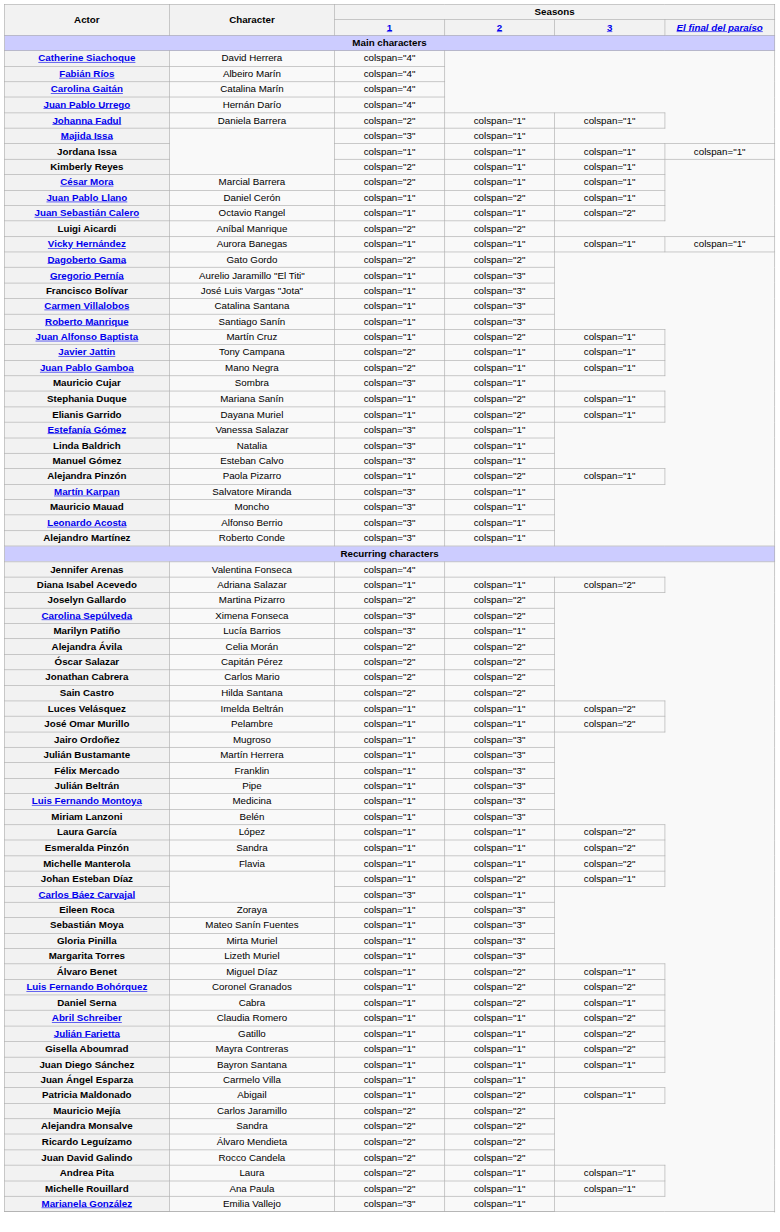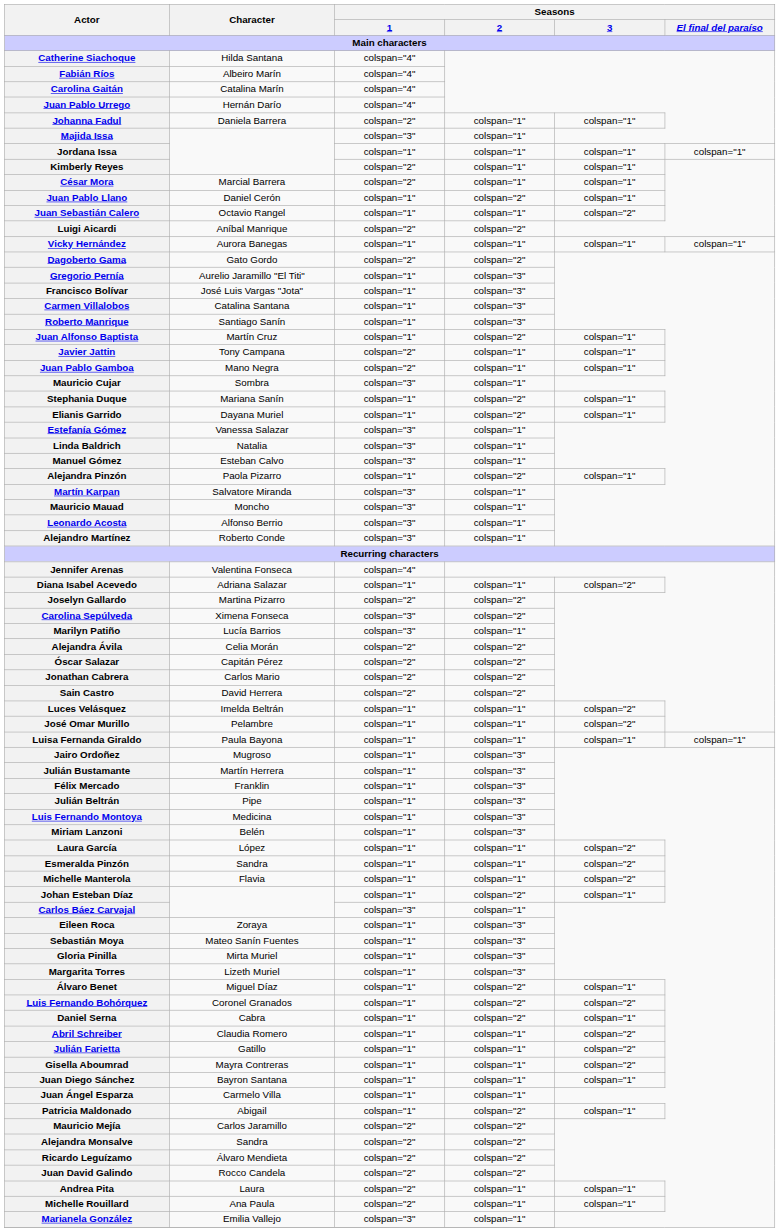 <table class="wikitable plainrowheaders" style="width: 100%; text-align: center">
 <tr>
 <th scope="col" rowspan="2" style="width: 15%">Actor</th>
 <th scope="col" rowspan="2" style="width: 15%">Character</th>
 <th scope="col" colspan="4" style="width: 70%">Seasons</th>
 </tr>
 <tr>
 <th scope="col" style="width: 10%"><a href='#'>1</a></th>
 <th scope="col" style="width: 10%"><a href='#'>2</a></th>
 <th scope="col" style="width: 10%"><a href='#'>3</a></th>
 <th scope="col" style="width: 10%"><em><a href='#'>El final del paraíso</a></em></th>
 </tr>
 <tr>
 <th colspan="6" style="background-color:#ccccff;">Main characters</th>
 </tr>
 <tr>
 <th scope="row" style="text-align: center"><a href='#'>Catherine Siachoque</a></th>
-<td>David Herrera</td>
+<td>Hilda Santana</td>
 <td>colspan="4" </td>
 </tr>
 <tr>
 <th scope="row" style="text-align: center"><a href='#'>Fabián Ríos</a></th>
 <td>Albeiro Marín</td>
 <td>colspan="4" </td>
 </tr>
 <tr>
 <th scope="row" style="text-align: center"><a href='#'>Carolina Gaitán</a></th>
 <td>Catalina Marín</td>
 <td>colspan="4" </td>
 </tr>
 <tr>
 <th scope="row" style="text-align: center"><a href='#'>Juan Pablo Urrego</a></th>
 <td>Hernán Darío</td>
 <td>colspan="4" </td>
 </tr>
 <tr>
 <th scope="row" style="text-align: center"><a href='#'>Johanna Fadul</a></th>
 <td>Daniela Barrera</td>
 <td>colspan="2" </td>
 <td>colspan="1" </td>
 <td>colspan="1" </td>
 </tr>
 <tr>
 <th scope="row" style="text-align: center"><a href='#'>Majida Issa</a></th>
 <td rowspan="3"></td>
 <td>colspan="3" </td>
 <td>colspan="1" </td>
 </tr>
 <tr>
 <th scope="row" style="text-align: center">Jordana Issa</th>
 <td>colspan="1" </td>
 <td>colspan="1" </td>
 <td>colspan="1" </td>
 <td>colspan="1" </td>
 </tr>
 <tr>
 <th scope="row" style="text-align: center">Kimberly Reyes</th>
 <td>colspan="2" </td>
 <td>colspan="1" </td>
 <td>colspan="1" </td>
 </tr>
 <tr>
 <th scope="row" style="text-align: center"><a href='#'>César Mora</a></th>
 <td>Marcial Barrera</td>
 <td>colspan="2" </td>
 <td>colspan="1" </td>
 <td>colspan="1" </td>
 </tr>
 <tr>
 <th scope="row" style="text-align: center"><a href='#'>Juan Pablo Llano</a></th>
 <td>Daniel Cerón</td>
 <td>colspan="1" </td>
 <td>colspan="2" </td>
 <td>colspan="1" </td>
 </tr>
 <tr>
 <th scope="row" style="text-align: center"><a href='#'>Juan Sebastián Calero</a></th>
 <td>Octavio Rangel</td>
 <td>colspan="1" </td>
 <td>colspan="1" </td>
 <td>colspan="2" </td>
 </tr>
 <tr>
 <th scope="row" style="text-align: center">Luigi Aicardi</th>
 <td>Aníbal Manrique</td>
 <td>colspan="2" </td>
 <td>colspan="2" </td>
 </tr>
 <tr>
 <th scope="row" style="text-align: center"><a href='#'>Vicky Hernández</a></th>
 <td>Aurora Banegas</td>
 <td>colspan="1" </td>
 <td>colspan="1" </td>
 <td>colspan="1" </td>
 <td>colspan="1" </td>
 </tr>
 <tr>
 <th scope="row" style="text-align: center"><a href='#'>Dagoberto Gama</a></th>
 <td>Gato Gordo</td>
 <td>colspan="2" </td>
 <td>colspan="2" </td>
 </tr>
 <tr>
 <th scope="row" style="text-align: center"><a href='#'>Gregorio Pernía</a></th>
 <td>Aurelio Jaramillo "El Titi"</td>
 <td>colspan="1" </td>
 <td>colspan="3" </td>
 </tr>
 <tr>
 <th scope="row" style="text-align: center">Francisco Bolívar</th>
 <td>José Luis Vargas "Jota"</td>
 <td>colspan="1" </td>
 <td>colspan="3" </td>
 </tr>
 <tr>
 <th scope="row" style="text-align: center"><a href='#'>Carmen Villalobos</a></th>
 <td>Catalina Santana</td>
 <td>colspan="1" </td>
 <td>colspan="3" </td>
 </tr>
 <tr>
 <th scope="row" style="text-align: center"><a href='#'>Roberto Manrique</a></th>
 <td>Santiago Sanín</td>
 <td>colspan="1" </td>
 <td>colspan="3" </td>
 </tr>
 <tr>
 <th scope="row" style="text-align: center"><a href='#'>Juan Alfonso Baptista</a></th>
 <td>Martín Cruz</td>
 <td>colspan="1" </td>
 <td>colspan="2" </td>
 <td>colspan="1" </td>
 </tr>
 <tr>
 <th scope="row" style="text-align: center"><a href='#'>Javier Jattin</a></th>
 <td>Tony Campana</td>
 <td>colspan="2" </td>
 <td>colspan="1" </td>
 <td>colspan="1" </td>
 </tr>
 <tr>
 <th scope="row" style="text-align: center"><a href='#'>Juan Pablo Gamboa</a></th>
 <td>Mano Negra</td>
 <td>colspan="2" </td>
 <td>colspan="1" </td>
 <td>colspan="1" </td>
 </tr>
 <tr>
 <th scope="row" style="text-align: center">Mauricio Cujar</th>
 <td>Sombra</td>
 <td>colspan="3" </td>
 <td>colspan="1" </td>
 </tr>
 <tr>
 <th scope="row" style="text-align: center">Stephania Duque</th>
 <td>Mariana Sanín</td>
 <td>colspan="1" </td>
 <td>colspan="2" </td>
 <td>colspan="1" </td>
 </tr>
 <tr>
 <th scope="row" style="text-align: center">Elianis Garrido</th>
 <td>Dayana Muriel</td>
 <td>colspan="1" </td>
 <td>colspan="2" </td>
 <td>colspan="1" </td>
 </tr>
 <tr>
 <th scope="row" style="text-align: center"><a href='#'>Estefanía Gómez</a></th>
 <td>Vanessa Salazar</td>
 <td>colspan="3" </td>
 <td>colspan="1" </td>
 </tr>
 <tr>
 <th scope="row" style="text-align: center">Linda Baldrich</th>
 <td>Natalia</td>
 <td>colspan="3" </td>
 <td>colspan="1" </td>
 </tr>
 <tr>
 <th scope="row" style="text-align: center">Manuel Gómez</th>
 <td>Esteban Calvo</td>
 <td>colspan="3" </td>
 <td>colspan="1" </td>
 </tr>
 <tr>
 <th scope="row" style="text-align: center">Alejandra Pinzón</th>
 <td>Paola Pizarro</td>
 <td>colspan="1" </td>
 <td>colspan="2" </td>
 <td>colspan="1" </td>
 </tr>
 <tr>
 <th scope="row" style="text-align: center"><a href='#'>Martín Karpan</a></th>
 <td>Salvatore Miranda</td>
 <td>colspan="3" </td>
 <td>colspan="1" </td>
 </tr>
 <tr>
 <th scope="row" style="text-align: center">Mauricio Mauad</th>
 <td>Moncho</td>
 <td>colspan="3" </td>
 <td>colspan="1" </td>
 </tr>
 <tr>
 <th scope="row" style="text-align: center"><a href='#'>Leonardo Acosta</a></th>
 <td>Alfonso Berrio</td>
 <td>colspan="3" </td>
 <td>colspan="1" </td>
 </tr>
 <tr>
 <th scope="row" style="text-align: center">Alejandro Martínez</th>
 <td>Roberto Conde</td>
 <td>colspan="3" </td>
 <td>colspan="1" </td>
 </tr>
 <tr>
 <th colspan="6" style="background-color:#ccccff;">Recurring characters</th>
 </tr>
 <tr>
 <th scope="row" style="text-align: center">Jennifer Arenas</th>
 <td>Valentina Fonseca</td>
 <td>colspan="4" </td>
 </tr>
 <tr>
 <th scope="row" style="text-align: center">Diana Isabel Acevedo</th>
 <td>Adriana Salazar</td>
 <td>colspan="1" </td>
 <td>colspan="1" </td>
 <td>colspan="2" </td>
 </tr>
 <tr>
 <th scope="row" style="text-align: center">Joselyn Gallardo</th>
 <td>Martina Pizarro</td>
 <td>colspan="2" </td>
 <td>colspan="2" </td>
 </tr>
 <tr>
 <th scope="row" style="text-align: center"><a href='#'>Carolina Sepúlveda</a></th>
 <td>Ximena Fonseca</td>
 <td>colspan="3" </td>
 <td>colspan="2" </td>
 </tr>
 <tr>
 <th scope="row" style="text-align: center">Marilyn Patiño</th>
 <td>Lucía Barrios</td>
 <td>colspan="3" </td>
 <td>colspan="1" </td>
 </tr>
 <tr>
 <th scope="row" style="text-align: center">Alejandra Ávila</th>
 <td>Celia Morán</td>
 <td>colspan="2" </td>
 <td>colspan="2" </td>
 </tr>
 <tr>
 <th scope="row" style="text-align: center">Óscar Salazar</th>
 <td>Capitán Pérez</td>
 <td>colspan="2" </td>
 <td>colspan="2" </td>
 </tr>
 <tr>
 <th scope="row" style="text-align: center">Jonathan Cabrera</th>
 <td>Carlos Mario</td>
 <td>colspan="2" </td>
 <td>colspan="2" </td>
 </tr>
 <tr>
 <th scope="row" style="text-align: center">Sain Castro</th>
-<td>Hilda Santana</td>
+<td>David Herrera</td>
 <td>colspan="2" </td>
 <td>colspan="2" </td>
 </tr>
 <tr>
 <th scope="row" style="text-align: center">Luces Velásquez</th>
 <td>Imelda Beltrán</td>
 <td>colspan="1" </td>
 <td>colspan="1" </td>
 <td>colspan="2" </td>
 </tr>
 <tr>
 <th scope="row" style="text-align: center">José Omar Murillo</th>
 <td>Pelambre</td>
 <td>colspan="1" </td>
 <td>colspan="1" </td>
 <td>colspan="2" </td>
+</tr>
+<tr>
+<th scope="row" style="text-align: center">Luisa Fernanda Giraldo</th>
+<td>Paula Bayona</td>
+<td>colspan="1" </td>
+<td>colspan="1" </td>
+<td>colspan="1" </td>
+<td>colspan="1" </td>
 </tr>
 <tr>
 <th scope="row" style="text-align: center">Jairo Ordoñez</th>
 <td>Mugroso</td>
 <td>colspan="1" </td>
 <td>colspan="3" </td>
 </tr>
 <tr>
 <th scope="row" style="text-align: center">Julián Bustamante</th>
 <td>Martín Herrera</td>
 <td>colspan="1" </td>
 <td>colspan="3" </td>
 </tr>
 <tr>
 <th scope="row" style="text-align: center">Félix Mercado</th>
 <td>Franklin</td>
 <td>colspan="1" </td>
 <td>colspan="3" </td>
 </tr>
 <tr>
 <th scope="row" style="text-align: center">Julián Beltrán</th>
 <td>Pipe</td>
 <td>colspan="1" </td>
 <td>colspan="3" </td>
 </tr>
 <tr>
 <th scope="row" style="text-align: center"><a href='#'>Luis Fernando Montoya</a></th>
 <td>Medicina</td>
 <td>colspan="1" </td>
 <td>colspan="3" </td>
 </tr>
 <tr>
 <th scope="row" style="text-align: center">Miriam Lanzoni</th>
 <td>Belén</td>
 <td>colspan="1" </td>
 <td>colspan="3" </td>
 </tr>
 <tr>
 <th scope="row" style="text-align: center">Laura García</th>
 <td>López</td>
 <td>colspan="1" </td>
 <td>colspan="1" </td>
 <td>colspan="2" </td>
 </tr>
 <tr>
 <th scope="row" style="text-align: center">Esmeralda Pinzón</th>
 <td>Sandra</td>
 <td>colspan="1" </td>
 <td>colspan="1" </td>
 <td>colspan="2" </td>
 </tr>
 <tr>
 <th scope="row" style="text-align: center">Michelle Manterola</th>
 <td>Flavia</td>
 <td>colspan="1" </td>
 <td>colspan="1" </td>
 <td>colspan="2" </td>
 </tr>
 <tr>
 <th scope="row" style="text-align: center">Johan Esteban Díaz</th>
 <td rowspan="2"></td>
 <td>colspan="1" </td>
 <td>colspan="2" </td>
 <td>colspan="1" </td>
 </tr>
 <tr>
 <th scope="row" style="text-align: center"><a href='#'>Carlos Báez Carvajal</a></th>
 <td>colspan="3" </td>
 <td>colspan="1" </td>
 </tr>
 <tr>
 <th scope="row" style="text-align: center">Eileen Roca</th>
 <td>Zoraya</td>
 <td>colspan="1" </td>
 <td>colspan="3" </td>
 </tr>
 <tr>
 <th scope="row" style="text-align: center">Sebastián Moya</th>
 <td>Mateo Sanín Fuentes</td>
 <td>colspan="1" </td>
 <td>colspan="3" </td>
 </tr>
 <tr>
 <th scope="row" style="text-align: center">Gloria Pinilla</th>
 <td>Mirta Muriel</td>
 <td>colspan="1" </td>
 <td>colspan="3" </td>
 </tr>
 <tr>
 <th scope="row" style="text-align: center">Margarita Torres</th>
 <td>Lizeth Muriel</td>
 <td>colspan="1" </td>
 <td>colspan="3" </td>
 </tr>
 <tr>
 <th scope="row" style="text-align: center">Álvaro Benet</th>
 <td>Miguel Díaz</td>
 <td>colspan="1" </td>
 <td>colspan="2" </td>
 <td>colspan="1" </td>
 </tr>
 <tr>
 <th scope="row" style="text-align: center"><a href='#'>Luis Fernando Bohórquez</a></th>
 <td>Coronel Granados</td>
 <td>colspan="1" </td>
 <td>colspan="2" </td>
 <td>colspan="2" </td>
 </tr>
 <tr>
 <th scope="row" style="text-align: center">Daniel Serna</th>
 <td>Cabra</td>
 <td>colspan="1" </td>
 <td>colspan="2" </td>
 <td>colspan="1" </td>
 </tr>
 <tr>
 <th scope="row" style="text-align: center"><a href='#'>Abril Schreiber</a></th>
 <td>Claudia Romero</td>
 <td>colspan="1" </td>
 <td>colspan="1" </td>
 <td>colspan="2" </td>
 </tr>
 <tr>
 <th scope="row" style="text-align: center"><a href='#'>Julián Farietta</a></th>
 <td>Gatillo</td>
 <td>colspan="1" </td>
 <td>colspan="1" </td>
 <td>colspan="2" </td>
 </tr>
 <tr>
 <th scope="row" style="text-align: center">Gisella Aboumrad</th>
 <td>Mayra Contreras</td>
 <td>colspan="1" </td>
 <td>colspan="1" </td>
 <td>colspan="2" </td>
 </tr>
 <tr>
 <th scope="row" style="text-align: center">Juan Diego Sánchez</th>
 <td>Bayron Santana</td>
 <td>colspan="1" </td>
 <td>colspan="1" </td>
 <td>colspan="1" </td>
 </tr>
 <tr>
 <th scope="row" style="text-align: center">Juan Ángel Esparza</th>
 <td>Carmelo Villa</td>
 <td>colspan="1" </td>
 <td>colspan="1" </td>
 </tr>
 <tr>
 <th scope="row" style="text-align: center">Patricia Maldonado</th>
 <td>Abigail</td>
 <td>colspan="1" </td>
 <td>colspan="2" </td>
 <td>colspan="1" </td>
 </tr>
 <tr>
 <th scope="row" style="text-align: center">Mauricio Mejía</th>
 <td>Carlos Jaramillo</td>
 <td>colspan="2" </td>
 <td>colspan="2" </td>
 </tr>
 <tr>
 <th scope="row" style="text-align: center">Alejandra Monsalve</th>
 <td>Sandra</td>
 <td>colspan="2" </td>
 <td>colspan="2" </td>
 </tr>
 <tr>
 <th scope="row" style="text-align: center">Ricardo Leguízamo</th>
 <td>Álvaro Mendieta</td>
 <td>colspan="2" </td>
 <td>colspan="2" </td>
 </tr>
 <tr>
 <th scope="row" style="text-align: center">Juan David Galindo</th>
 <td>Rocco Candela</td>
 <td>colspan="2" </td>
 <td>colspan="2" </td>
 </tr>
 <tr>
 <th scope="row" style="text-align: center">Andrea Pita</th>
 <td>Laura</td>
 <td>colspan="2" </td>
 <td>colspan="1" </td>
 <td>colspan="1" </td>
 </tr>
 <tr>
 <th scope="row" style="text-align: center">Michelle Rouillard</th>
 <td>Ana Paula</td>
 <td>colspan="2" </td>
 <td>colspan="1" </td>
 <td>colspan="1" </td>
 </tr>
 <tr>
 <th scope="row" style="text-align: center"><a href='#'>Marianela González</a></th>
 <td>Emilia Vallejo</td>
 <td>colspan="3" </td>
 <td>colspan="1" </td>
 </tr>
 <tr>
 </tr>
 </table>
